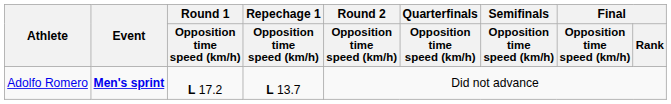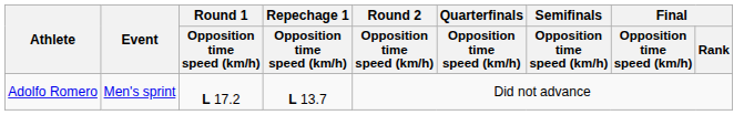 <table class=wikitable style=font-size:90%>
 <tr>
 <th rowspan=2>Athlete</th>
 <th rowspan=2>Event</th>
 <th>Round 1</th>
 <th>Repechage 1</th>
 <th>Round 2</th>
 <th>Quarterfinals</th>
 <th>Semifinals</th>
 <th colspan=2>Final</th>
 </tr>
 <tr style=font-size:95%>
 <th>Opposition<br>time<br>speed (km/h)</th>
 <th>Opposition<br>time<br>speed (km/h)</th>
 <th>Opposition<br>time<br>speed (km/h)</th>
 <th>Opposition<br>time<br>speed (km/h)</th>
 <th>Opposition<br>time<br>speed (km/h)</th>
 <th>Opposition<br>time<br>speed (km/h)</th>
 <th>Rank</th>
 </tr>
 <tr align=center>
 <td align=left><a href='#'>Adolfo Romero</a></td>
-<td align=left><strong><a href='#'>Men's sprint</a></strong></td>
+<td align=left><a href='#'>Men's sprint</a></td>
 <td><br><strong>L</strong> 17.2</td>
 <td><br><strong>L</strong> 13.7</td>
 <td colspan=5>Did not advance</td>
 </tr>
 </table>
